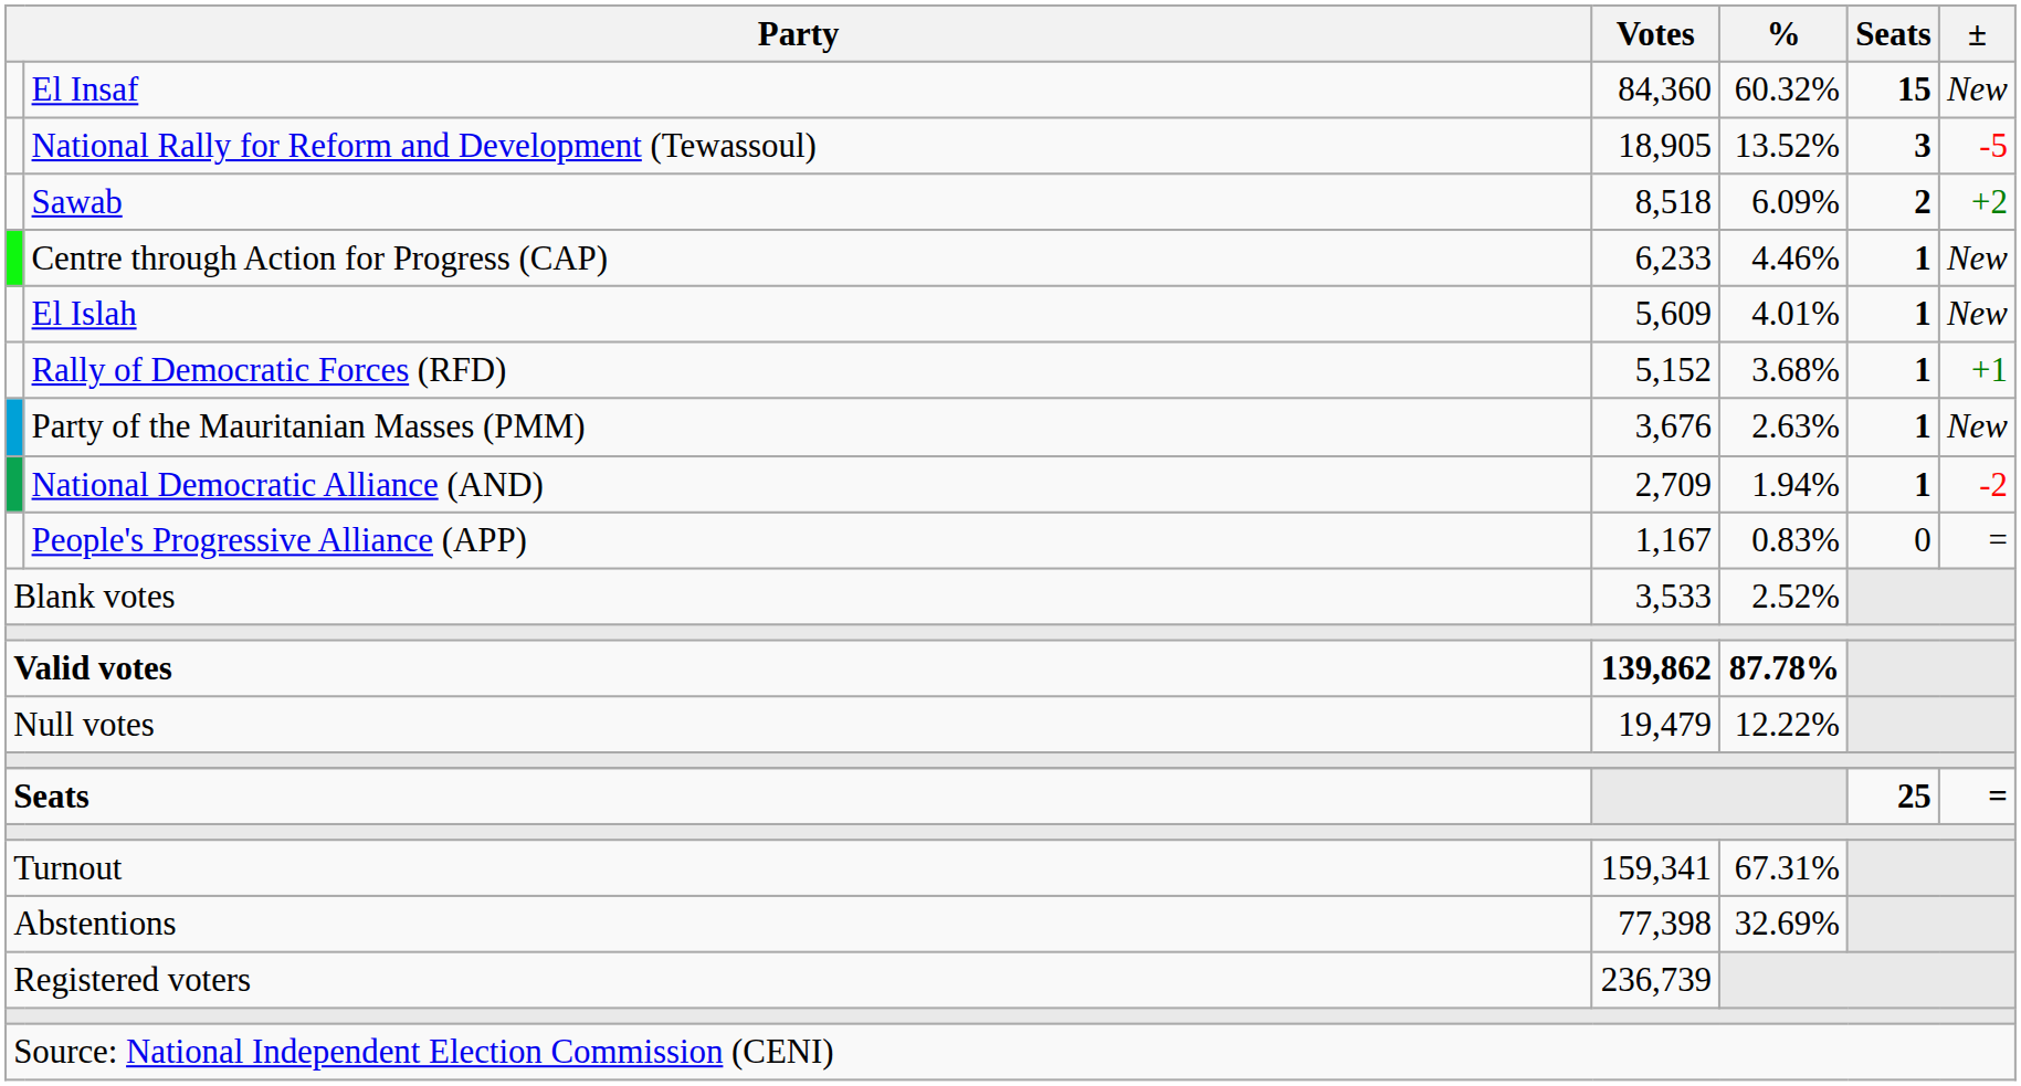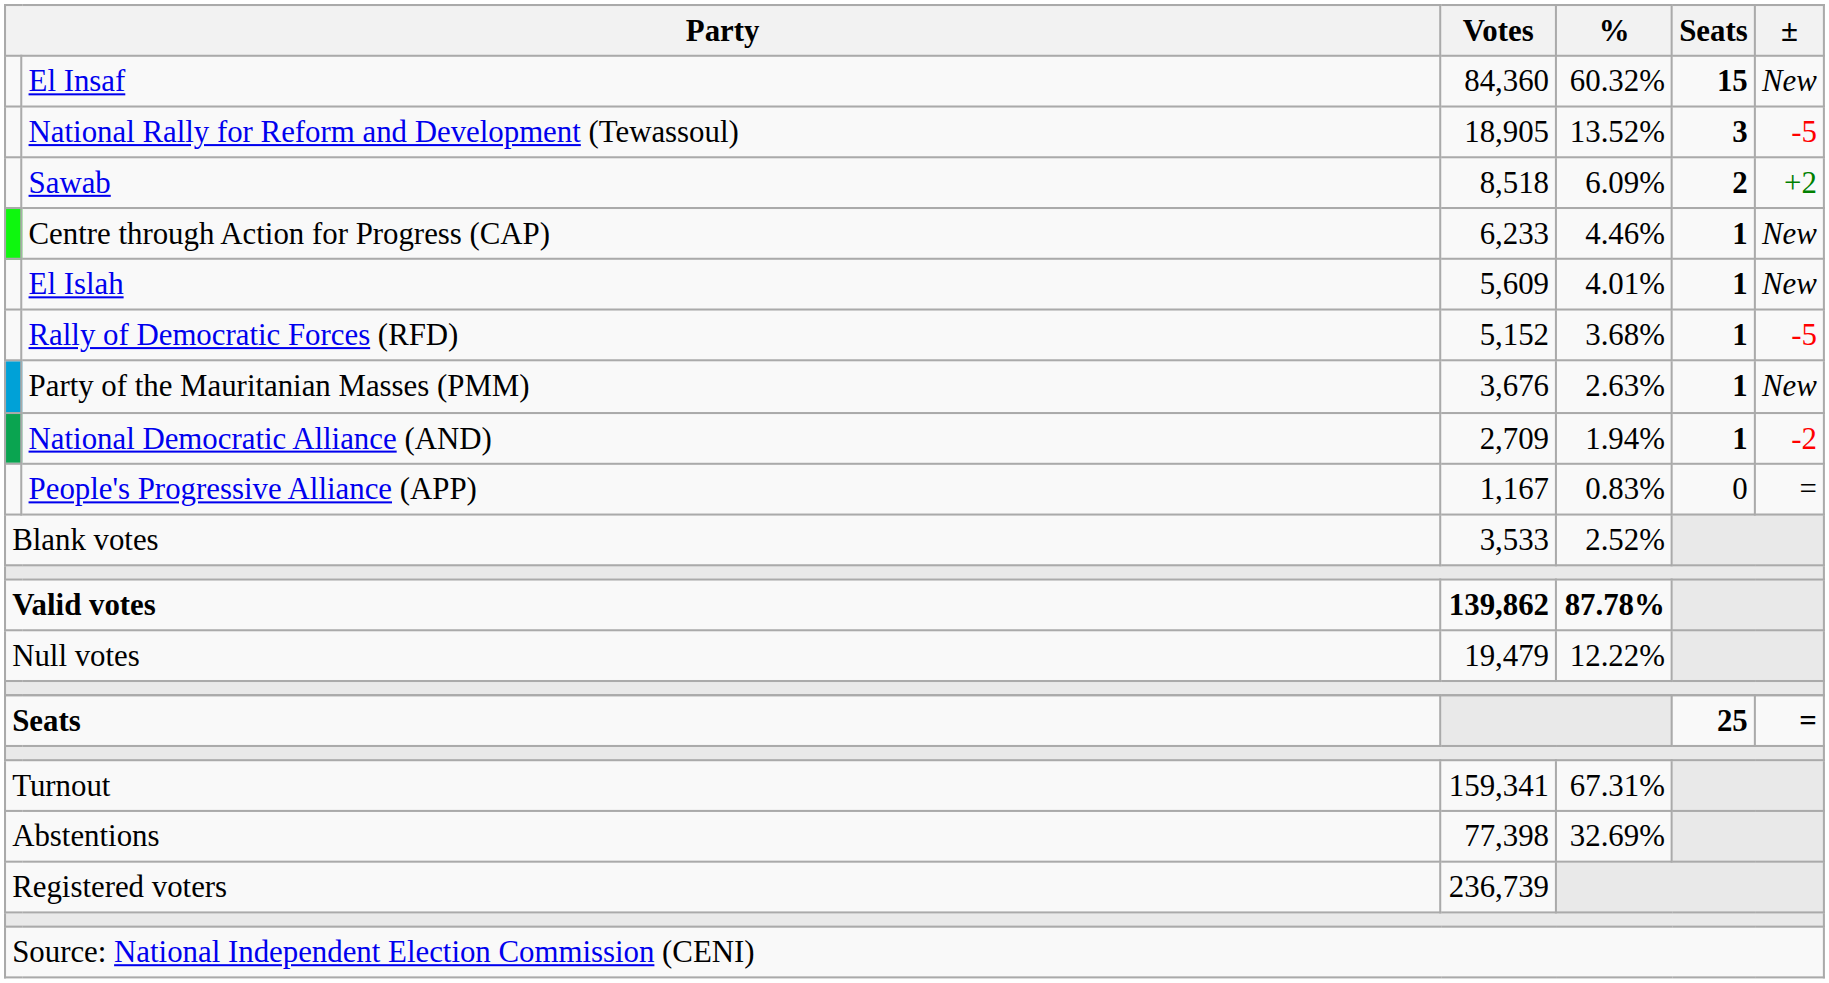 <table class="wikitable" style="text-align:right;font-size:95%;">
 <tr>
 <th width="700" colspan="2">Party</th>
 <th width="50">Votes</th>
 <th width="50">%</th>
 <th width="25">Seats</th>
 <th width="20">±</th>
 </tr>
 <tr>
 <td width="1" style="color:inherit;background:"></td>
 <td style="text-align:left;"><a href='#'>El Insaf</a></td>
 <td>84,360</td>
 <td>60.32%</td>
 <td><strong>15</strong></td>
 <td><em>New</em></td>
 </tr>
 <tr>
 <td width="1" style="color:inherit;background:"></td>
 <td style="text-align:left;"><a href='#'>National Rally for Reform and Development</a> (Tewassoul)</td>
 <td>18,905</td>
 <td>13.52%</td>
 <td><strong>3</strong></td>
 <td style="color:red;">-5</td>
 </tr>
 <tr>
 <td width="1" style="color:inherit;background:"></td>
 <td style="text-align:left;"><a href='#'>Sawab</a></td>
 <td>8,518</td>
 <td>6.09%</td>
 <td><strong>2</strong></td>
 <td style="color:green;">+2</td>
 </tr>
 <tr>
 <td width="1" style="color:inherit;background:#0EF70E;"></td>
 <td style="text-align:left;">Centre through Action for Progress (CAP)</td>
 <td>6,233</td>
 <td>4.46%</td>
 <td><strong>1</strong></td>
 <td><em>New</em></td>
 </tr>
 <tr>
 <td width="1" style="color:inherit;background:"></td>
 <td style="text-align:left;"><a href='#'>El Islah</a></td>
 <td>5,609</td>
 <td>4.01%</td>
 <td><strong>1</strong></td>
 <td><em>New</em></td>
 </tr>
 <tr>
 <td width="1" style="color:inherit;background:"></td>
 <td style="text-align:left;"><a href='#'>Rally of Democratic Forces</a> (RFD)</td>
 <td>5,152</td>
 <td>3.68%</td>
 <td><strong>1</strong></td>
-<td style="color:green;">+1</td>
+<td style="color:red;">-5</td>
 </tr>
 <tr>
 <td width="1" style="color:inherit;background:#00A1D7;"></td>
 <td style="text-align:left;">Party of the Mauritanian Masses (PMM)</td>
 <td>3,676</td>
 <td>2.63%</td>
 <td><strong>1</strong></td>
 <td><em>New</em></td>
 </tr>
 <tr>
 <td width="1" style="color:inherit;background:#0AA450;"></td>
 <td style="text-align:left;"><a href='#'>National Democratic Alliance</a> (AND)</td>
 <td>2,709</td>
 <td>1.94%</td>
 <td><strong>1</strong></td>
 <td style="color:red;">-2</td>
 </tr>
 <tr>
 <td width="1" style="color:inherit;background:"></td>
 <td style="text-align:left;"><a href='#'>People's Progressive Alliance</a> (APP)</td>
 <td>1,167</td>
 <td>0.83%</td>
 <td>0</td>
 <td>=</td>
 </tr>
 <tr>
 <td colspan="2" style="text-align:left;">Blank votes</td>
 <td>3,533</td>
 <td>2.52%</td>
 <td colspan="2" style="background:#E9E9E9;"></td>
 </tr>
 <tr>
 <td colspan="6" style="background:#E9E9E9;"></td>
 </tr>
 <tr style="font-weight:bold;">
 <td colspan="2" style="text-align:left;">Valid votes</td>
 <td>139,862</td>
 <td>87.78%</td>
 <td colspan="2" style="background:#E9E9E9;"></td>
 </tr>
 <tr>
 <td colspan="2" style="text-align:left;">Null votes</td>
 <td>19,479</td>
 <td>12.22%</td>
 <td colspan="2" style="background:#E9E9E9;"></td>
 </tr>
 <tr>
 <td colspan="6" style="background:#E9E9E9;"></td>
 </tr>
 <tr>
 </tr>
 <tr style="font-weight:bold;">
 <td colspan="2" style="text-align:left;">Seats</td>
 <td colspan="2" style="background:#E9E9E9;"></td>
 <td>25</td>
 <td>=</td>
 </tr>
 <tr>
 <td colspan="6" style="background:#E9E9E9;"></td>
 </tr>
 <tr>
 <td colspan="2" style="text-align:left;">Turnout</td>
 <td>159,341</td>
 <td>67.31%</td>
 <td colspan="2" style="background:#E9E9E9;"></td>
 </tr>
 <tr>
 <td colspan="2" style="text-align:left;">Abstentions</td>
 <td>77,398</td>
 <td>32.69%</td>
 <td colspan="2" style="background:#E9E9E9;"></td>
 </tr>
 <tr>
 <td colspan="2" style="text-align:left;">Registered voters</td>
 <td>236,739</td>
 <td colspan="3" style="background:#E9E9E9;"></td>
 </tr>
 <tr>
 <td colspan="6" style="background:#E9E9E9;"></td>
 </tr>
 <tr>
 <td colspan="6" style="text-align:left;">Source: <a href='#'>National Independent Election Commission</a> (CENI)</td>
 </tr>
 </table>
